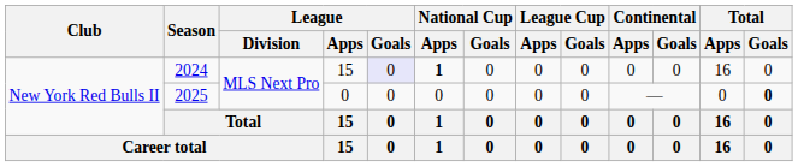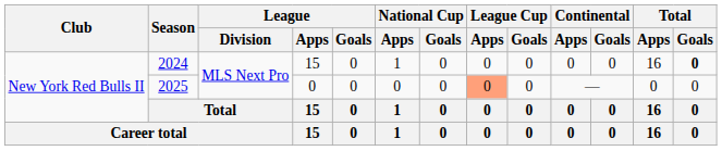 <table class="wikitable" style="text-align:center">
 <tr>
 <th rowspan="2">Club</th>
 <th rowspan="2">Season</th>
 <th colspan="3">League</th>
 <th colspan="2">National Cup </th>
 <th colspan="2">League Cup</th>
 <th colspan="2">Continental</th>
 <th colspan="2">Total</th>
 </tr>
 <tr>
 <th>Division</th>
 <th>Apps</th>
 <th>Goals</th>
 <th>Apps</th>
 <th>Goals</th>
 <th>Apps</th>
 <th>Goals</th>
 <th>Apps</th>
 <th>Goals</th>
 <th>Apps</th>
 <th>Goals</th>
 </tr>
 <tr>
 <td rowspan="3"><a href='#'>New York Red Bulls II</a></td>
 <td><a href='#'>2024</a></td>
 <td rowspan="2"><a href='#'>MLS Next Pro</a></td>
 <td>15</td>
-<td style="background: lavender;">0</td>
-<td><strong>1</strong></td>
+<td>0</td>
+<td>1</td>
 <td>0</td>
 <td>0</td>
 <td>0</td>
 <td>0</td>
 <td>0</td>
 <td>16</td>
-<td>0</td>
+<td><strong>0</strong></td>
 </tr>
 <tr>
 <td><a href='#'>2025</a></td>
 <td>0</td>
 <td>0</td>
 <td>0</td>
 <td>0</td>
-<td>0</td>
+<td style="background: lightsalmon;">0</td>
 <td>0</td>
 <td colspan="2">—</td>
 <td>0</td>
-<td><strong>0</strong></td>
+<td>0</td>
 </tr>
 <tr>
 <th colspan="2">Total</th>
 <th>15</th>
 <th>0</th>
 <th>1</th>
 <th>0</th>
 <th>0</th>
 <th>0</th>
 <th>0</th>
 <th>0</th>
 <th>16</th>
 <th>0</th>
 </tr>
 <tr>
 <th colspan="3">Career total</th>
 <th>15</th>
 <th>0</th>
 <th>1</th>
 <th>0</th>
 <th>0</th>
 <th>0</th>
 <th>0</th>
 <th>0</th>
 <th>16</th>
 <th>0</th>
 </tr>
 </table>
